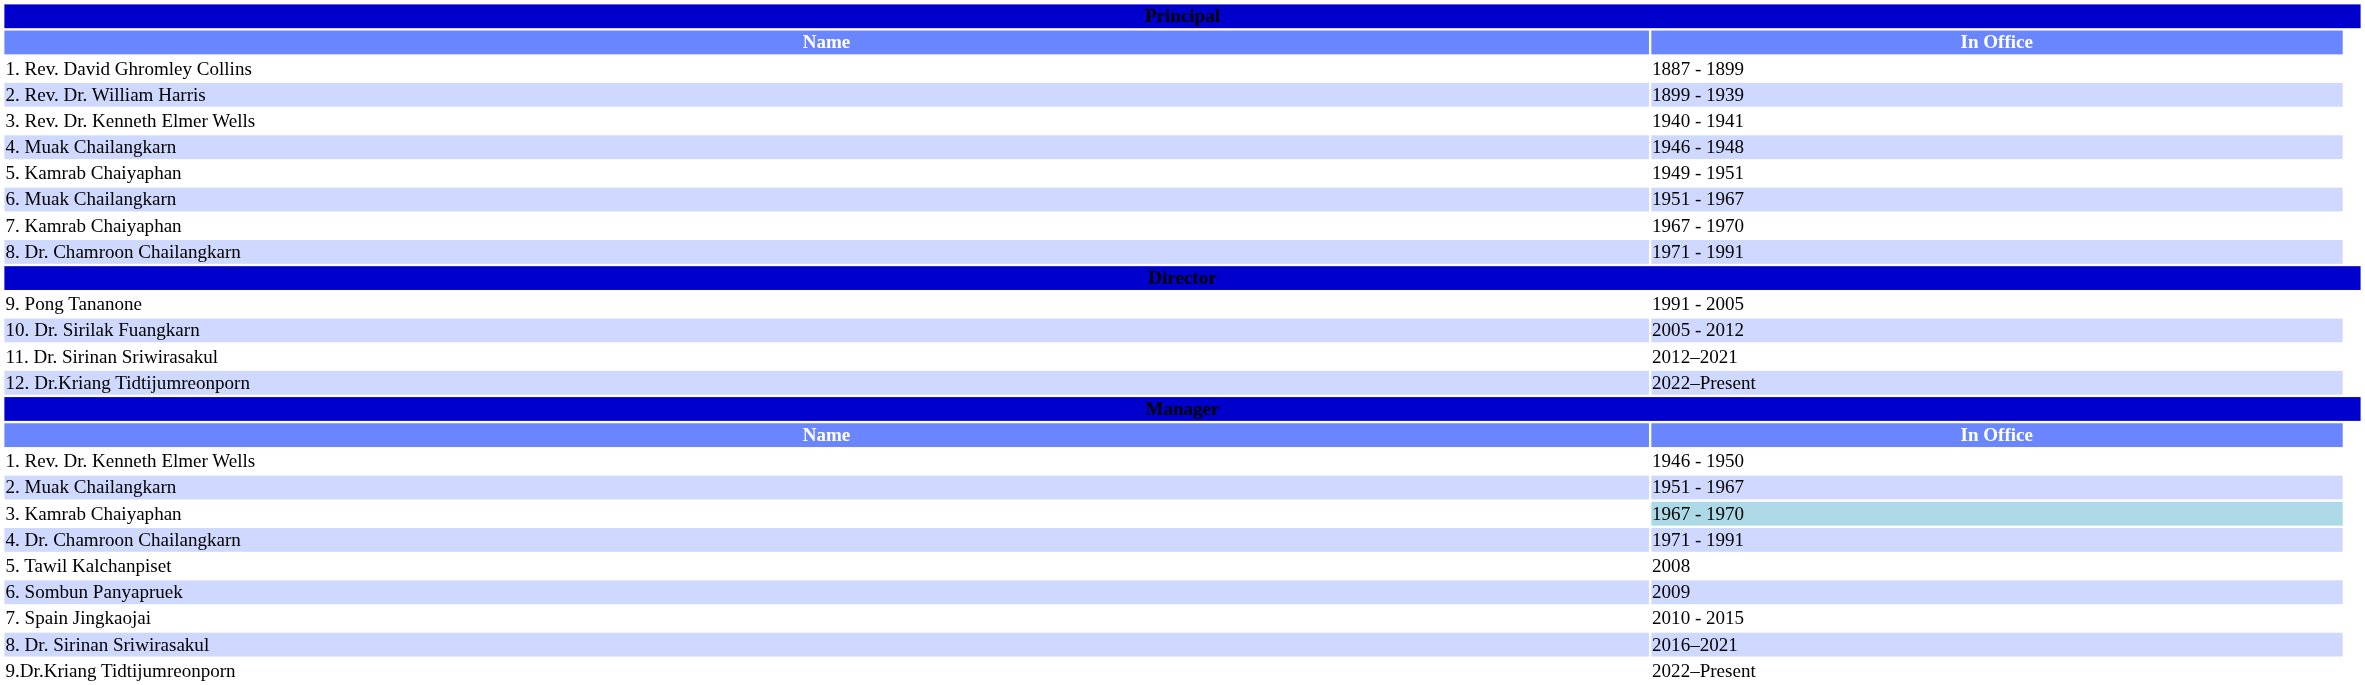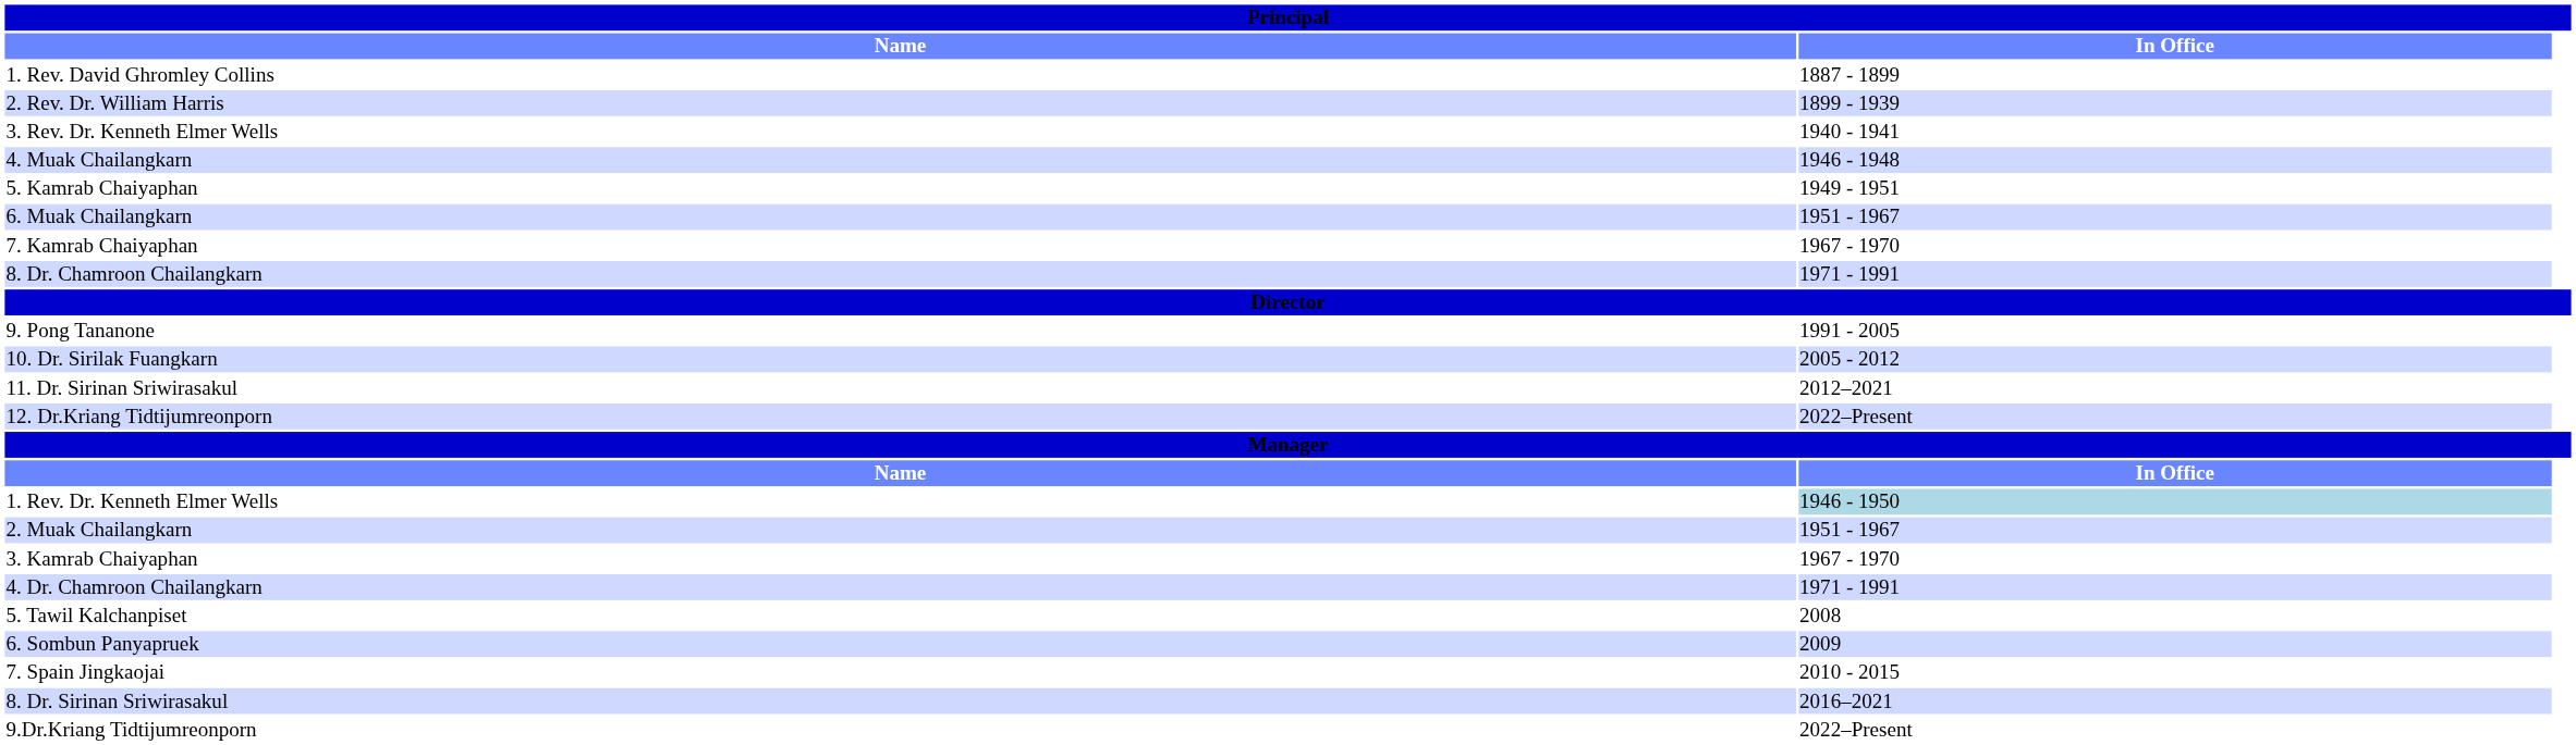 <table class="toccolours" width="100%">
 <tr>
 <td colspan="3" style="background: #0000CD " align="center"><span><strong>Principal</strong> </span></td>
 </tr>
 <tr>
 <th style="background: #6A86FE; color:white;">Name</th>
 <th style="background: #6A86FE; color:white;">In Office</th>
 </tr>
 <tr>
 <td valign="top">1. Rev. David Ghromley Collins</td>
 <td valign="top">1887 - 1899</td>
 </tr>
 <tr>
 <td valign="left" style="background: #CFD8FF">2. Rev. Dr. William Harris</td>
 <td valign="top" style="background: #CFD8FF">1899 - 1939</td>
 </tr>
 <tr>
 <td valign="top">3. Rev. Dr. Kenneth Elmer Wells</td>
 <td valign="top">1940 - 1941</td>
 </tr>
 <tr>
 <td valign="left" style="background: #CFD8FF">4. Muak Chailangkarn</td>
 <td valign="top" style="background: #CFD8FF">1946 - 1948</td>
 </tr>
 <tr>
 <td valign="top">5. Kamrab Chaiyaphan</td>
 <td valign="top">1949 - 1951</td>
 </tr>
 <tr>
 <td valign="left" style="background: #CFD8FF">6. Muak Chailangkarn</td>
 <td valign="top" style="background: #CFD8FF">1951 - 1967</td>
 </tr>
 <tr>
 <td valign="top">7. Kamrab Chaiyaphan</td>
 <td valign="top">1967 - 1970</td>
 </tr>
 <tr>
 <td valign="left" style="background: #CFD8FF">8. Dr. Chamroon Chailangkarn</td>
 <td valign="top" style="background: #CFD8FF">1971 - 1991</td>
 </tr>
 <tr>
 <td colspan="3" style="background: #0000CD " align="center"><span><strong>Director</strong> </span></td>
 </tr>
 <tr>
 <td valign="top">9. Pong Tananone</td>
 <td valign="top">1991 - 2005</td>
 </tr>
 <tr>
 <td valign="left" style="background: #CFD8FF">10. Dr. Sirilak Fuangkarn</td>
 <td valign="top" style="background: #CFD8FF">2005 - 2012</td>
 </tr>
 <tr>
 <td valign="top">11. Dr. Sirinan Sriwirasakul</td>
 <td valign="top">2012–2021</td>
 </tr>
 <tr>
 <td valign="left" style="background: #CFD8FF">12. Dr.Kriang Tidtijumreonporn</td>
 <td valign="top" style="background: #CFD8FF">2022–Present</td>
 <td></td>
 </tr>
 <tr>
 <td colspan="3" style="background: #0000CD " align="center"><span><strong>Manager</strong> </span></td>
 </tr>
 <tr>
 <th style="background: #6A86FE; color:white;">Name</th>
 <th style="background: #6A86FE; color:white;">In Office</th>
 </tr>
 <tr>
 <td valign="top">1. Rev. Dr. Kenneth Elmer Wells</td>
-<td valign="top">1946 - 1950</td>
+<td valign="top" style="background: lightblue;">1946 - 1950</td>
 </tr>
 <tr>
 <td valign="left" style="background: #CFD8FF">2. Muak Chailangkarn</td>
 <td valign="top" style="background: #CFD8FF">1951 - 1967</td>
 </tr>
 <tr>
 <td valign="top">3. Kamrab Chaiyaphan</td>
-<td valign="top" style="background: lightblue;">1967 - 1970</td>
+<td valign="top">1967 - 1970</td>
 <td></td>
 </tr>
 <tr>
 <td valign="left" style="background: #CFD8FF">4. Dr. Chamroon Chailangkarn</td>
 <td valign="top" style="background: #CFD8FF">1971 - 1991</td>
 </tr>
 <tr>
 <td valign="top">5. Tawil Kalchanpiset</td>
 <td valign="top">2008</td>
 </tr>
 <tr>
 <td valign="left" style="background: #CFD8FF">6. Sombun Panyapruek</td>
 <td valign="top" style="background: #CFD8FF">2009</td>
 </tr>
 <tr>
 <td valign="top">7. Spain Jingkaojai</td>
 <td valign="top">2010 - 2015</td>
 </tr>
 <tr>
 <td valign="left" style="background: #CFD8FF">8. Dr. Sirinan Sriwirasakul</td>
 <td valign="top" style="background: #CFD8FF">2016–2021</td>
 </tr>
 <tr>
 <td>9.Dr.Kriang Tidtijumreonporn</td>
 <td>2022–Present</td>
 </tr>
 </table>
